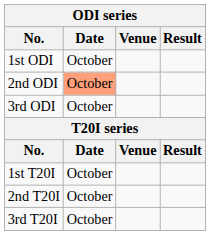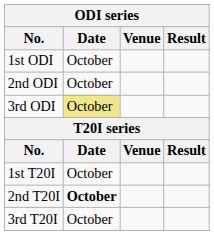 <table class="wikitable">
 <tr>
 <th colspan="4">ODI series</th>
 </tr>
 <tr>
 <th>No.</th>
 <th>Date</th>
 <th>Venue</th>
 <th>Result</th>
 </tr>
 <tr>
 <td>1st ODI</td>
 <td>October</td>
 <td></td>
 <td></td>
 </tr>
 <tr>
 <td>2nd ODI</td>
-<td style="background: lightsalmon;">October</td>
+<td>October</td>
 <td></td>
 <td></td>
 </tr>
 <tr>
 <td>3rd ODI</td>
-<td>October</td>
+<td style="background: khaki;">October</td>
 <td></td>
 <td></td>
 </tr>
 <tr>
 <th colspan="4">T20I series</th>
 </tr>
 <tr>
 <th>No.</th>
 <th>Date</th>
 <th>Venue</th>
 <th>Result</th>
 </tr>
 <tr>
 <td>1st T20I</td>
 <td>October</td>
 <td></td>
 <td></td>
 </tr>
 <tr>
 <td>2nd T20I</td>
-<td>October</td>
+<td><strong>October</strong></td>
 <td></td>
 <td></td>
 </tr>
 <tr>
 <td>3rd T20I</td>
 <td>October</td>
 <td></td>
 <td></td>
 </tr>
 </table>
